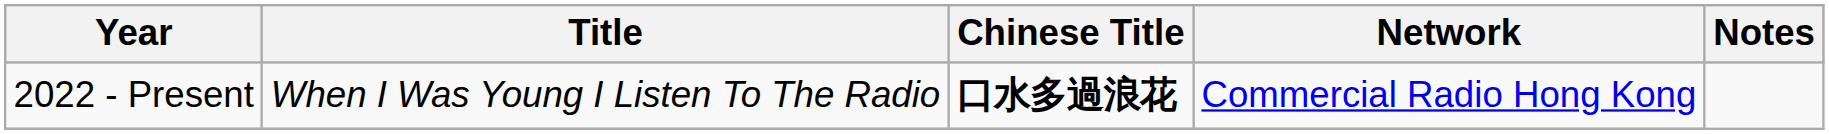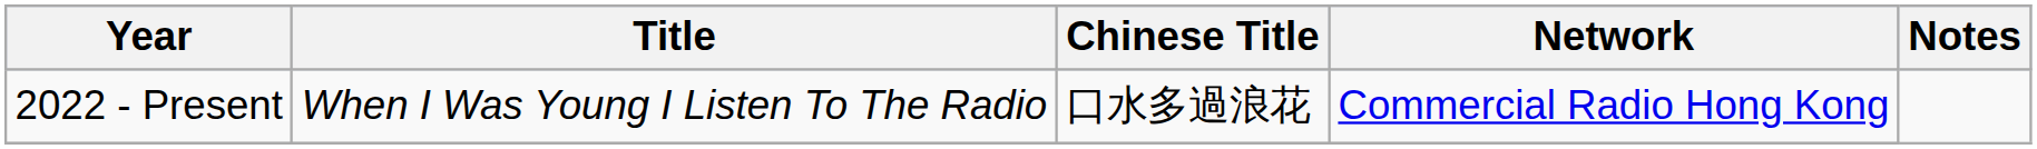 <table class="wikitable sortable">
 <tr style="background:#B0C4DE;">
 <th>Year</th>
 <th>Title</th>
 <th>Chinese Title</th>
 <th>Network</th>
 <th>Notes</th>
 </tr>
 <tr>
 <td>2022 - Present</td>
 <td><em>When I Was Young I Listen To The Radio</em></td>
-<td><strong>口水多過浪花</strong></td>
+<td>口水多過浪花</td>
 <td><a href='#'>Commercial Radio Hong Kong</a></td>
 </tr>
 <tr>
 </tr>
 </table>
